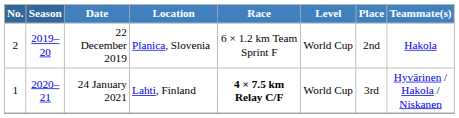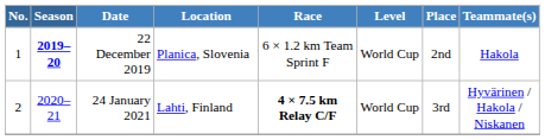 <table class="wikitable sortable" style="font-size:95%; text-align:center; border:grey solid 1px; border-collapse:collapse; background:#ffffff;">
 <tr style="background:#efefef;">
 <th style="background-color:#369; color:white;">No.</th>
 <th style="background-color:#369; color:white;">Season</th>
 <th style="background-color:#4180be; color:white; width:100px;">Date</th>
 <th style="background-color:#4180be; color:white; width:170px;">Location</th>
 <th style="background-color:#4180be; color:white; width:170px;">Race</th>
 <th style="background-color:#4180be; color:white; width:100px;">Level</th>
 <th style="background-color:#4180be; color:white;">Place</th>
 <th style="background-color:#4180be; color:white;">Teammate(s)</th>
 </tr>
 <tr>
-<td align=center>2</td>
-<td align=center><a href='#'>2019–20</a></td>
+<td align=center>1</td>
+<td align=center><strong><a href='#'>2019–20</a></strong></td>
 <td align=right>22 December 2019</td>
 <td align=left> <a href='#'>Planica</a>, Slovenia</td>
 <td>6 × 1.2 km Team Sprint F</td>
 <td>World Cup</td>
 <td>2nd</td>
 <td><a href='#'>Hakola</a></td>
 </tr>
 <tr>
-<td align=center>1</td>
+<td align=center>2</td>
 <td rowspan=1 align=center><a href='#'>2020–21</a></td>
 <td align=right>24 January 2021</td>
 <td align=left> <a href='#'>Lahti</a>, Finland</td>
 <td><strong>4 × 7.5 km Relay C/F</strong></td>
 <td>World Cup</td>
 <td>3rd</td>
 <td><a href='#'>Hyvärinen</a> / <a href='#'>Hakola</a> / <a href='#'>Niskanen</a></td>
 </tr>
 <tr>
 </tr>
 </table>
